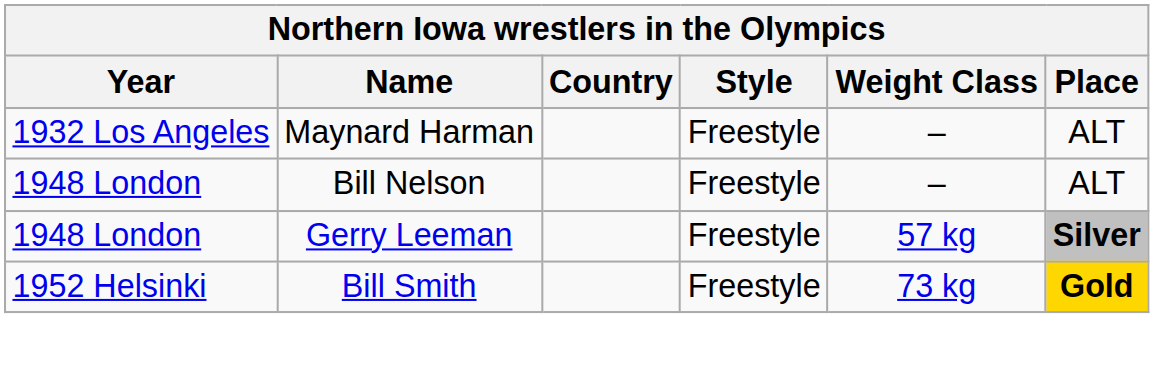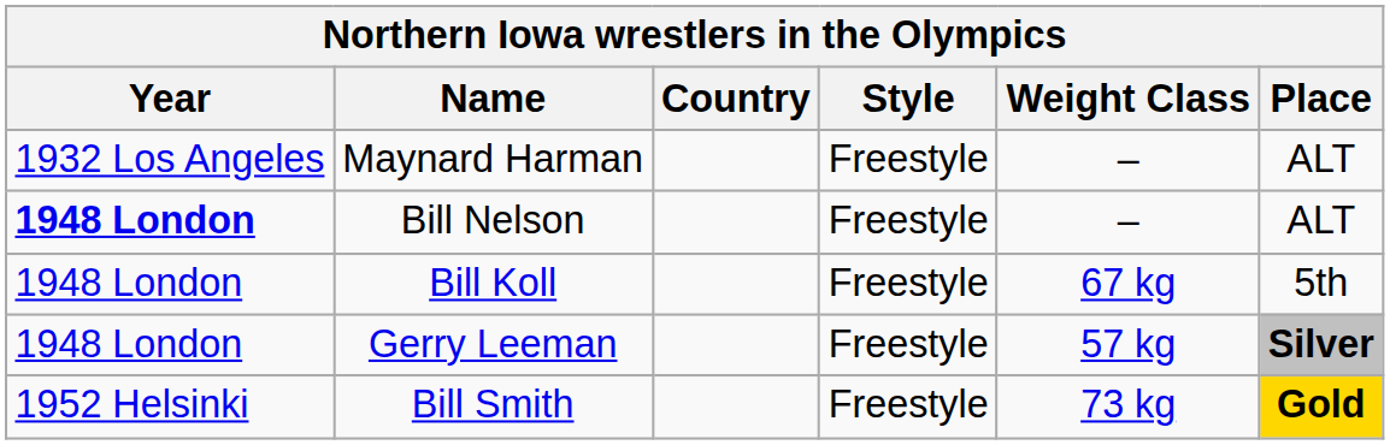 <table class="wikitable">
 <tr>
 <th colspan="6">Northern Iowa wrestlers in the Olympics</th>
 </tr>
 <tr>
 <th scope="col">Year</th>
 <th scope="col">Name</th>
 <th scope="col">Country</th>
 <th scope="col">Style</th>
 <th scope="col">Weight Class</th>
 <th scope="col">Place</th>
 </tr>
 <tr>
 <td><a href='#'>1932 Los Angeles</a></td>
 <td style="text-align: center;">Maynard Harman</td>
 <td style="text-align: center;"></td>
 <td style="text-align: center;">Freestyle</td>
 <td style="text-align: center;">–</td>
 <td style="text-align: center;">ALT</td>
 </tr>
 <tr>
-<td><a href='#'>1948 London</a></td>
+<td><strong><a href='#'>1948 London</a></strong></td>
 <td style="text-align: center;">Bill Nelson</td>
 <td style="text-align: center;"></td>
 <td style="text-align: center;">Freestyle</td>
 <td style="text-align: center;">–</td>
 <td style="text-align: center;">ALT</td>
+</tr>
+<tr>
+<td><a href='#'>1948 London</a></td>
+<td style="text-align: center;"><a href='#'>Bill Koll</a></td>
+<td style="text-align: center;"></td>
+<td style="text-align: center;">Freestyle</td>
+<td style="text-align: center;"><a href='#'>67 kg</a></td>
+<td style="text-align: center;">5th</td>
 </tr>
 <tr>
 <td><a href='#'>1948 London</a></td>
 <td style="text-align: center;"><a href='#'>Gerry Leeman</a></td>
 <td style="text-align: center;"></td>
 <td style="text-align: center;">Freestyle</td>
 <td style="text-align: center;"><a href='#'>57 kg</a></td>
 <td style="text-align: center;background:silver;"><strong>Silver</strong></td>
 </tr>
 <tr>
 <td><a href='#'>1952 Helsinki</a></td>
 <td style="text-align: center;"><a href='#'>Bill Smith</a></td>
 <td style="text-align: center;"></td>
 <td style="text-align: center;">Freestyle</td>
 <td style="text-align: center;"><a href='#'>73 kg</a></td>
 <td style="text-align: center;background:gold;"><strong>Gold</strong></td>
 </tr>
 </table>
